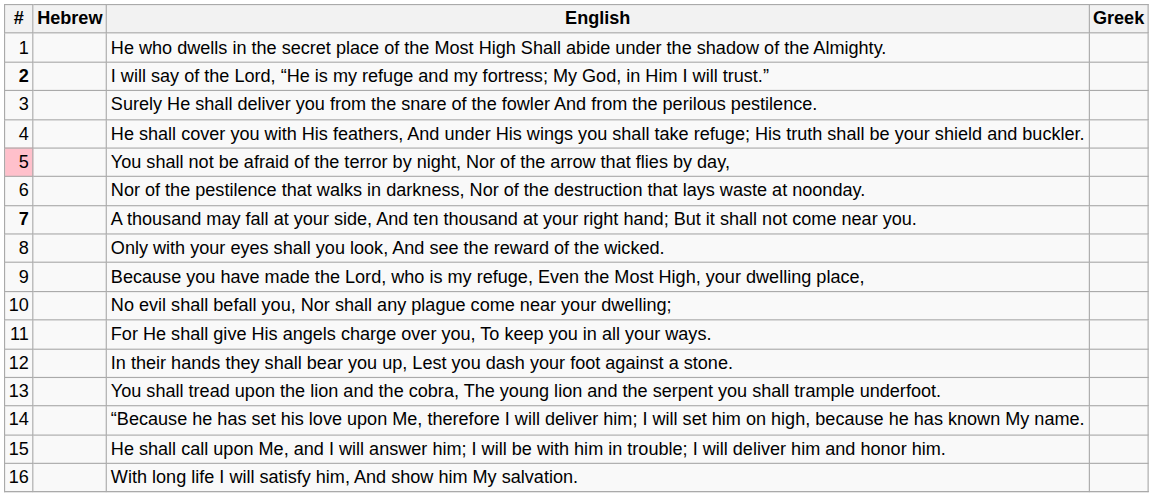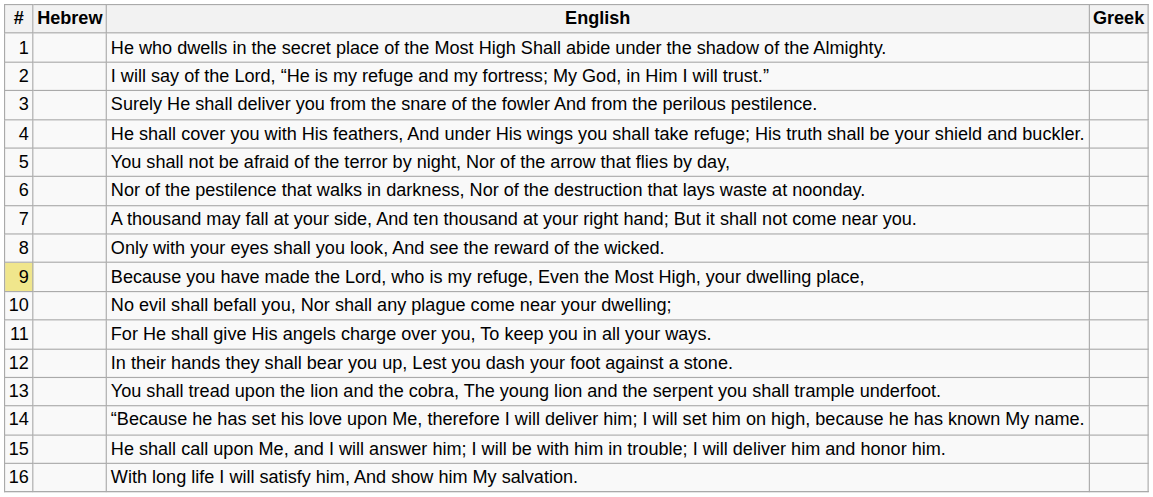 <table class=wikitable>
 <tr>
 <th>#</th>
 <th>Hebrew</th>
 <th>English</th>
 <th>Greek</th>
 </tr>
 <tr>
 <td style="text-align:right">1</td>
 <td style="text-align:right"></td>
 <td>He who dwells in the secret place of the Most High Shall abide under the shadow of the Almighty.</td>
 <td></td>
 </tr>
 <tr>
-<td style="text-align:right"><strong>2</strong></td>
+<td style="text-align:right">2</td>
 <td style="text-align:right"></td>
 <td>I will say of the Lord, “He is my refuge and my fortress; My God, in Him I will trust.”</td>
 <td></td>
 </tr>
 <tr>
 <td style="text-align:right">3</td>
 <td style="text-align:right"></td>
 <td>Surely He shall deliver you from the snare of the fowler And from the perilous pestilence.</td>
 <td></td>
 </tr>
 <tr>
 <td style="text-align:right">4</td>
 <td style="text-align:right"></td>
 <td>He shall cover you with His feathers, And under His wings you shall take refuge; His truth shall be your shield and buckler.</td>
 <td></td>
 </tr>
 <tr>
-<td style="background: pink; text-align:right">5</td>
+<td style="text-align:right">5</td>
 <td style="text-align:right"></td>
 <td>You shall not be afraid of the terror by night, Nor of the arrow that flies by day,</td>
 <td></td>
 </tr>
 <tr>
 <td style="text-align:right">6</td>
 <td style="text-align:right"></td>
 <td>Nor of the pestilence that walks in darkness, Nor of the destruction that lays waste at noonday.</td>
 <td></td>
 </tr>
 <tr>
-<td style="text-align:right"><strong>7</strong></td>
+<td style="text-align:right">7</td>
 <td style="text-align:right"></td>
 <td>A thousand may fall at your side, And ten thousand at your right hand; But it shall not come near you.</td>
 <td></td>
 </tr>
 <tr>
 <td style="text-align:right">8</td>
 <td style="text-align:right"></td>
 <td>Only with your eyes shall you look, And see the reward of the wicked.</td>
 <td></td>
 </tr>
 <tr>
-<td style="text-align:right">9</td>
+<td style="background: khaki; text-align:right">9</td>
 <td style="text-align:right"></td>
 <td>Because you have made the Lord, who is my refuge, Even the Most High, your dwelling place,</td>
 <td></td>
 </tr>
 <tr>
 <td style="text-align:right">10</td>
 <td style="text-align:right"></td>
 <td>No evil shall befall you, Nor shall any plague come near your dwelling;</td>
 <td></td>
 </tr>
 <tr>
 <td style="text-align:right">11</td>
 <td style="text-align:right"></td>
 <td>For He shall give His angels charge over you, To keep you in all your ways.</td>
 <td></td>
 </tr>
 <tr>
 <td style="text-align:right">12</td>
 <td style="text-align:right"></td>
 <td>In their hands they shall bear you up, Lest you dash your foot against a stone.</td>
 <td></td>
 </tr>
 <tr>
 <td style="text-align:right">13</td>
 <td style="text-align:right"></td>
 <td>You shall tread upon the lion and the cobra, The young lion and the serpent you shall trample underfoot.</td>
 <td></td>
 </tr>
 <tr>
 <td style="text-align:right">14</td>
 <td style="text-align:right"></td>
 <td>“Because he has set his love upon Me, therefore I will deliver him; I will set him on high, because he has known My name.</td>
 <td></td>
 </tr>
 <tr>
 <td style="text-align:right">15</td>
 <td style="text-align:right"></td>
 <td>He shall call upon Me, and I will answer him; I will be with him in trouble; I will deliver him and honor him.</td>
 <td></td>
 </tr>
 <tr>
 <td style="text-align:right">16</td>
 <td style="text-align:right"></td>
 <td>With long life I will satisfy him, And show him My salvation.</td>
 <td></td>
 </tr>
 <tr>
 </tr>
 </table>
